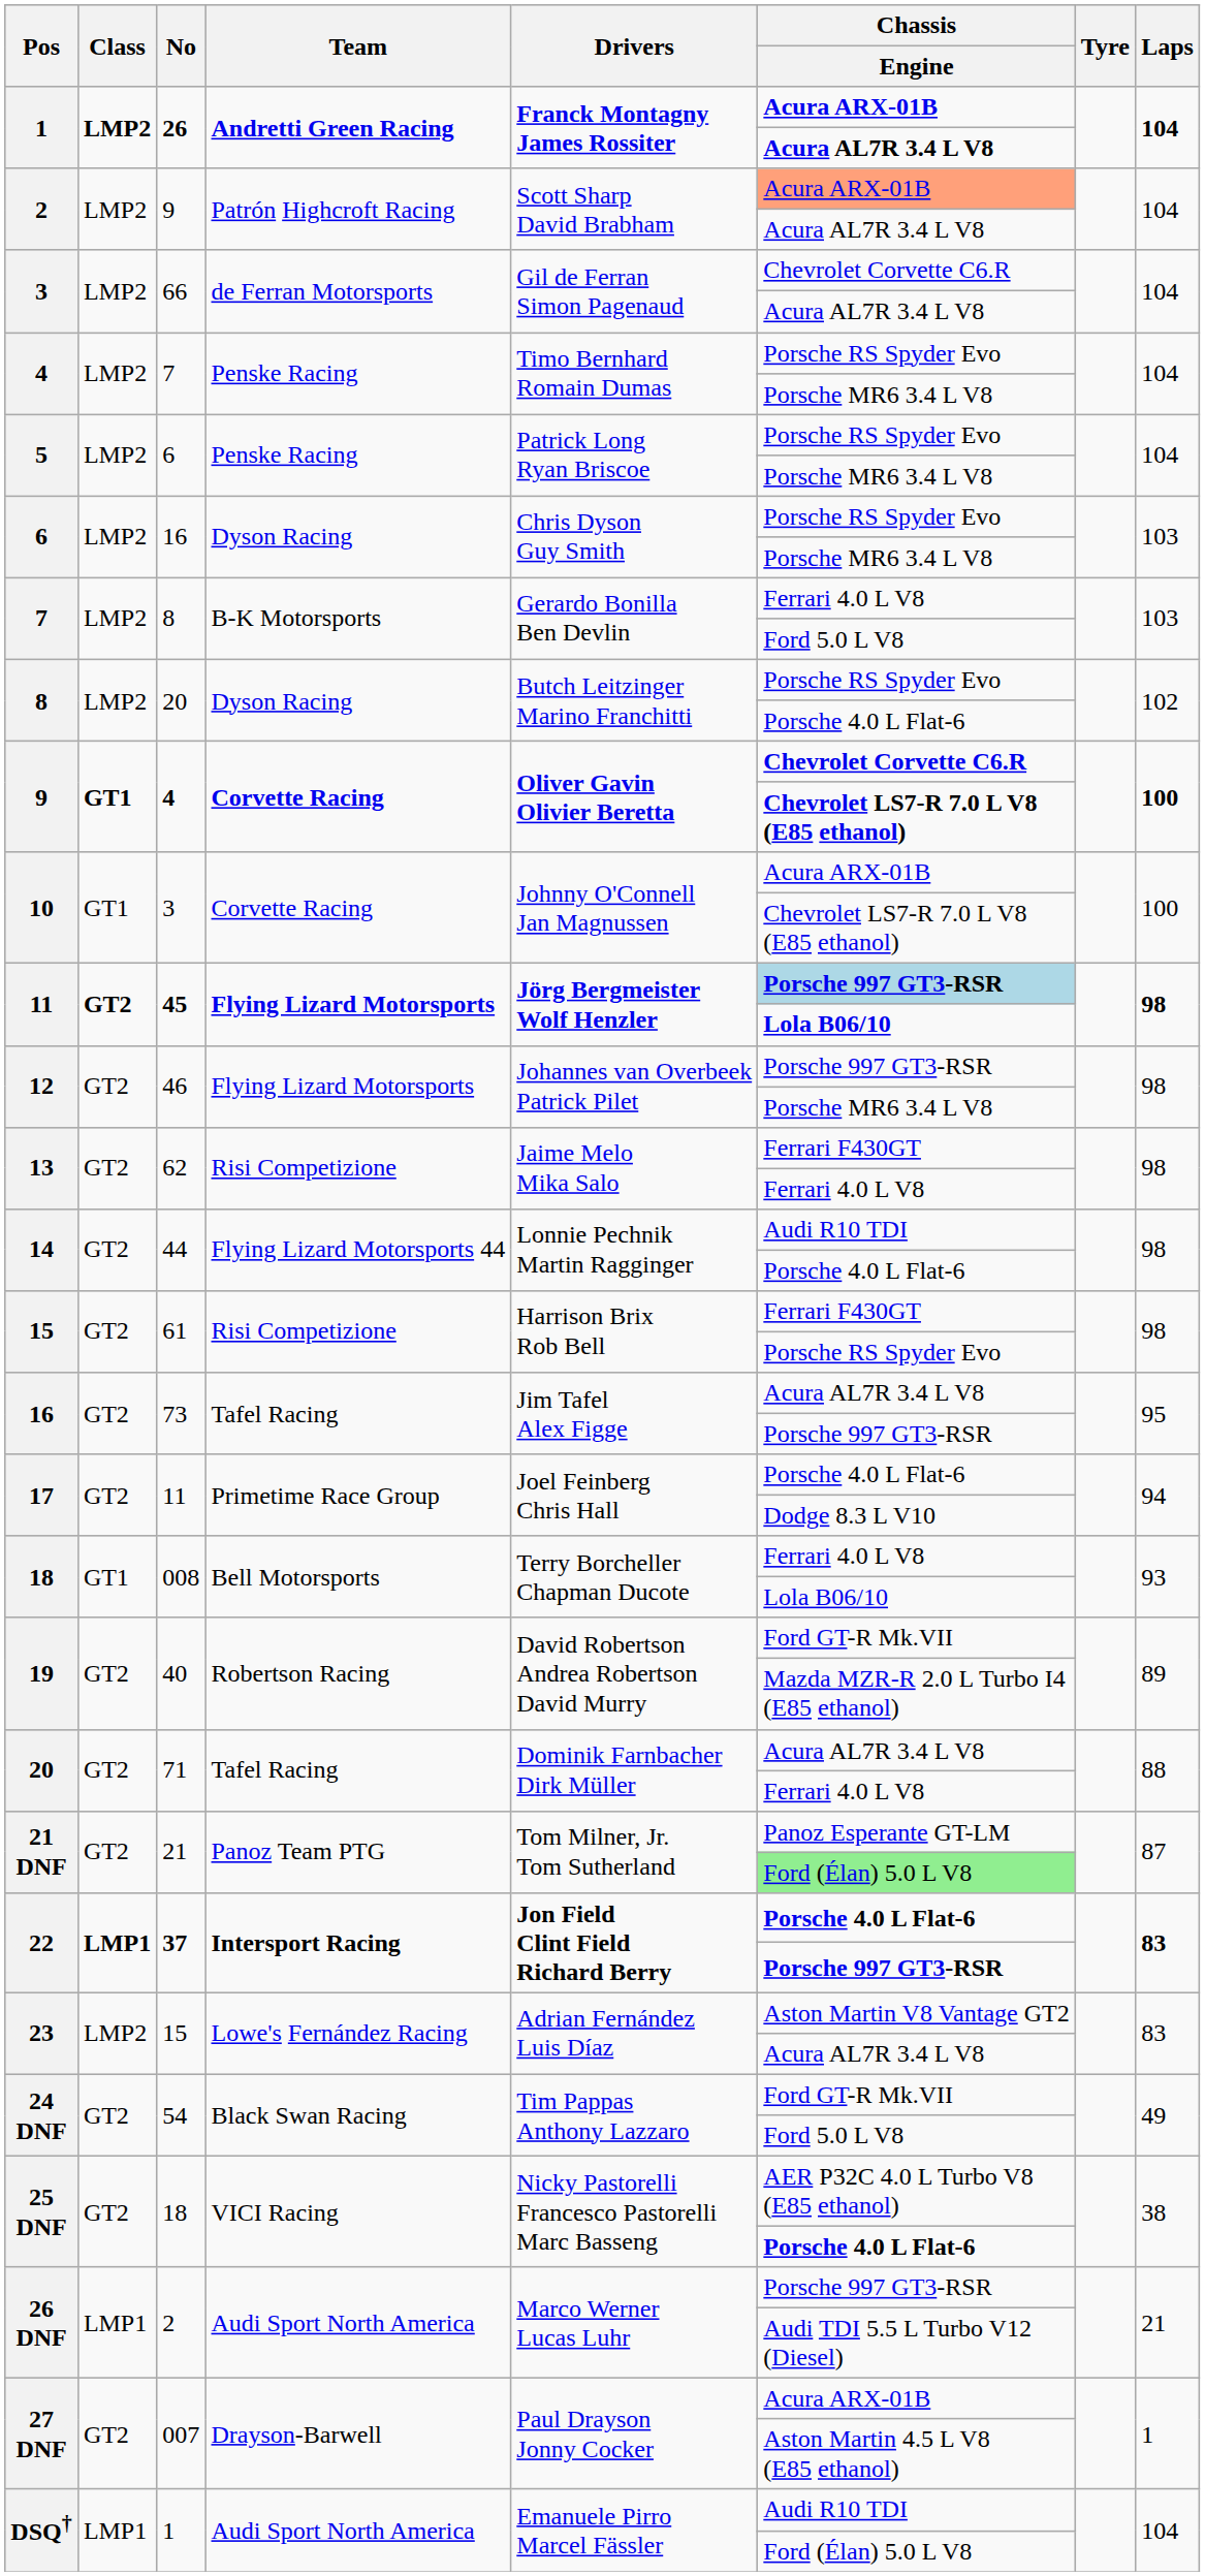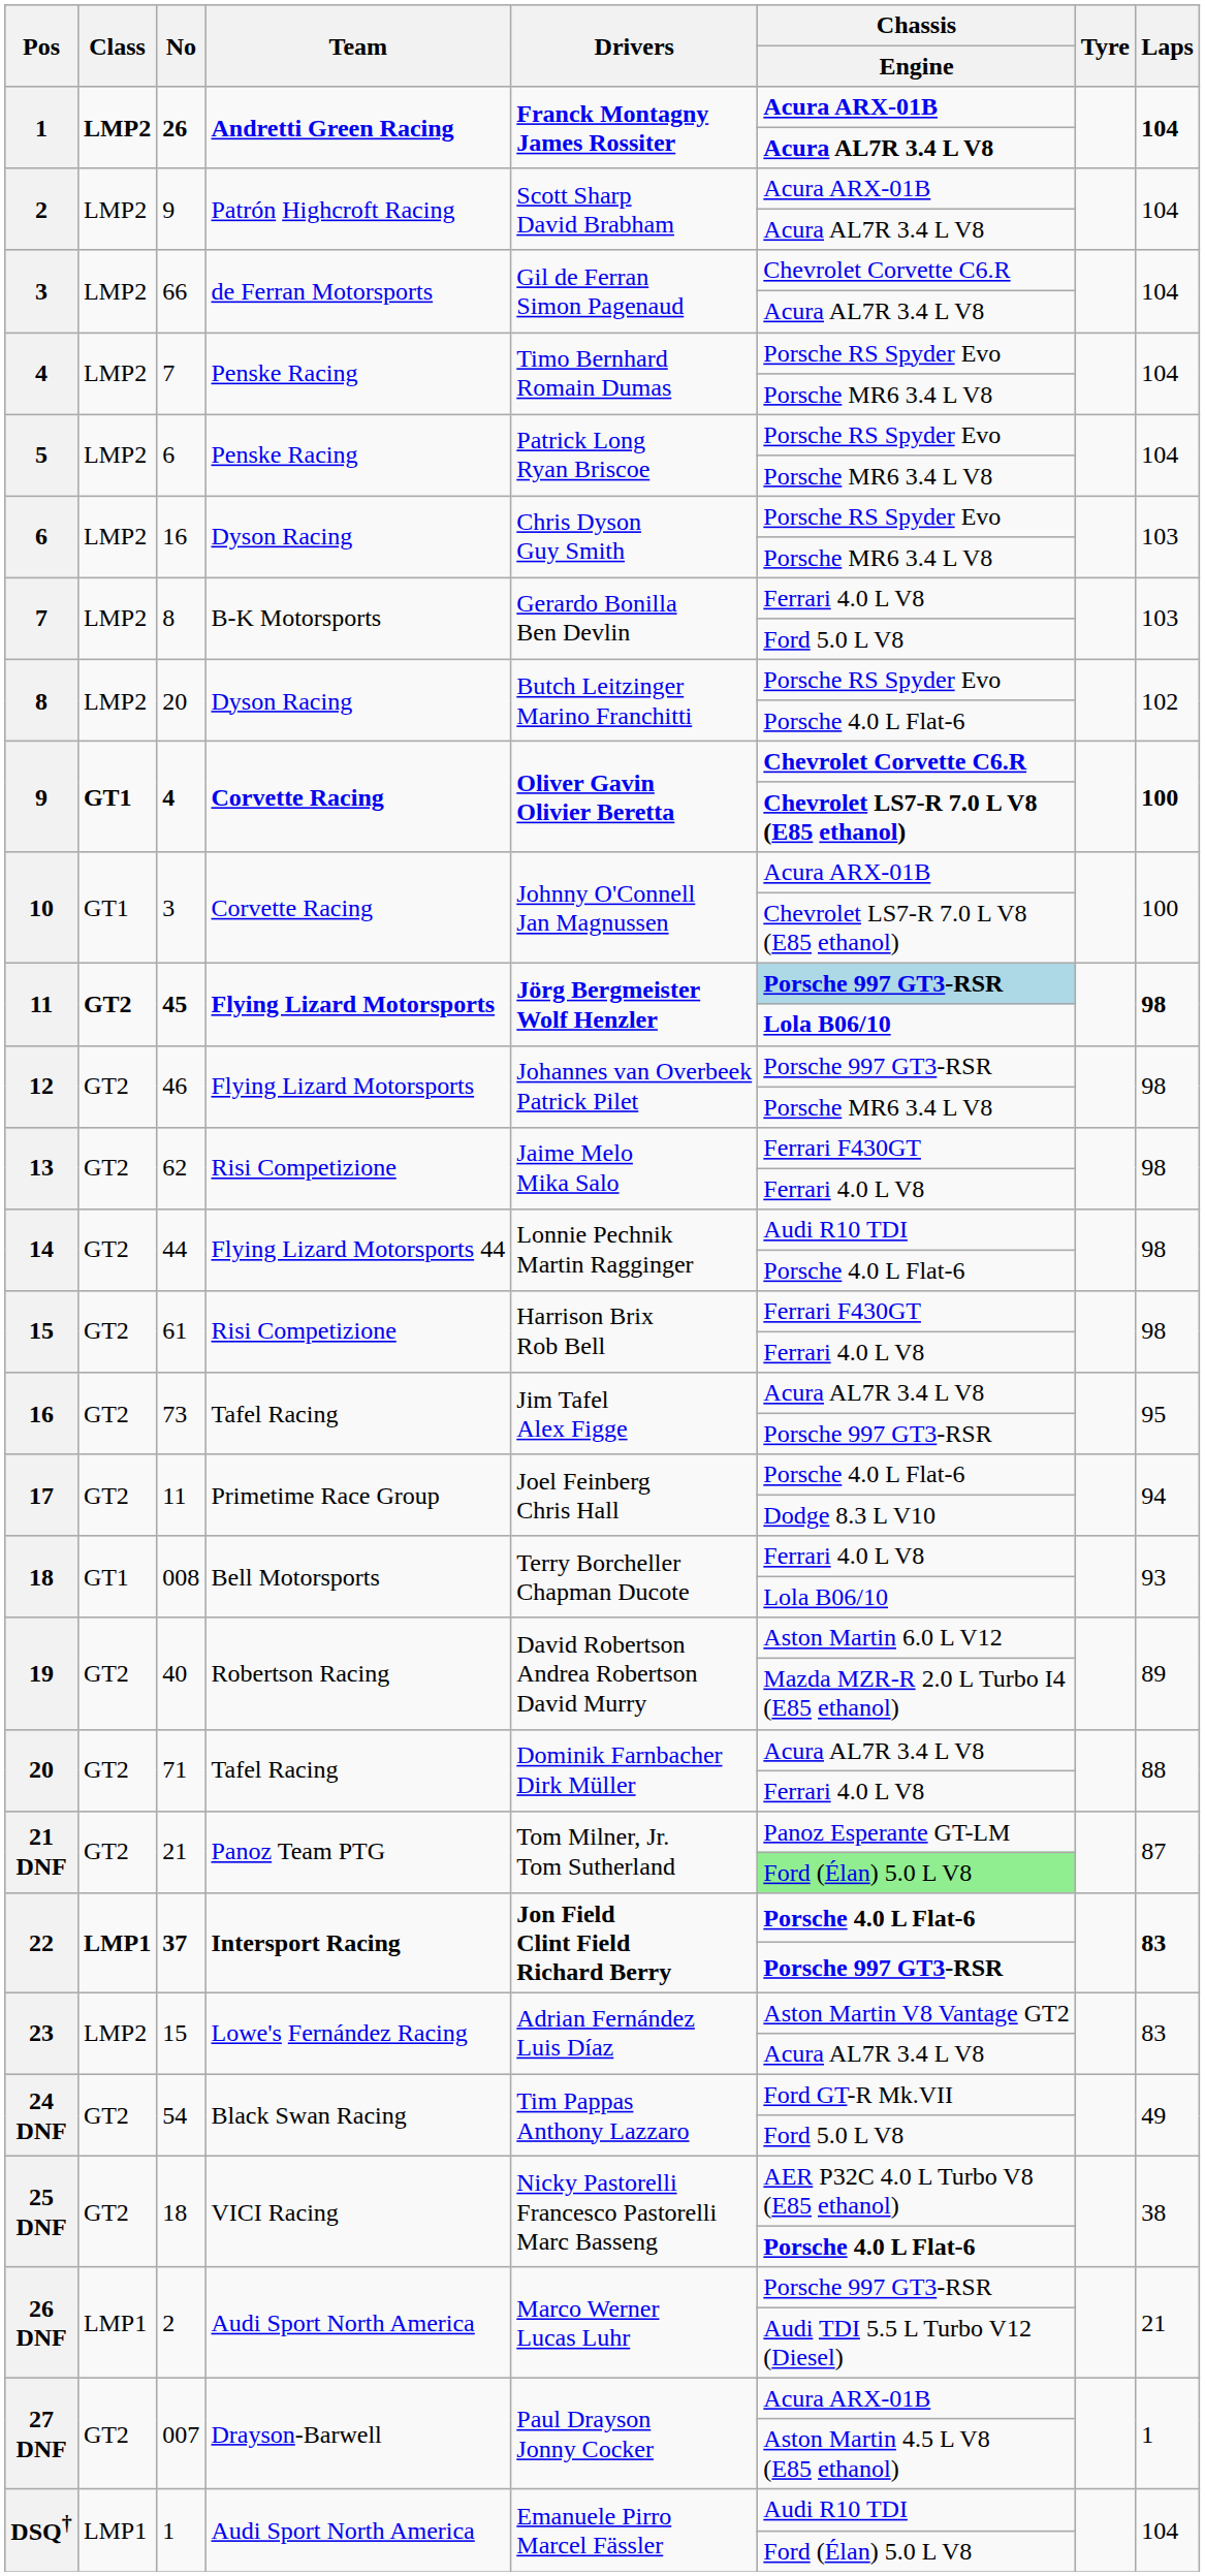 <table class="wikitable" style="font-size: 95%;">
 <tr>
 <th rowspan=2>Pos</th>
 <th rowspan=2>Class</th>
 <th rowspan=2>No</th>
 <th rowspan=2>Team</th>
 <th rowspan=2>Drivers</th>
 <th>Chassis</th>
 <th rowspan=2>Tyre</th>
 <th rowspan=2>Laps</th>
 </tr>
 <tr>
 <th>Engine</th>
 </tr>
 <tr style="font-weight:bold">
 <th rowspan=2>1</th>
 <td rowspan=2>LMP2</td>
 <td rowspan=2>26</td>
 <td rowspan=2> <a href='#'>Andretti Green Racing</a></td>
 <td rowspan=2> <a href='#'>Franck Montagny</a><br> <a href='#'>James Rossiter</a></td>
 <td><a href='#'>Acura ARX-01B</a></td>
 <td rowspan=2></td>
 <td rowspan=2>104</td>
 </tr>
 <tr style="font-weight:bold">
 <td><a href='#'>Acura</a> AL7R 3.4 L V8</td>
 </tr>
 <tr>
 <th rowspan=2>2</th>
 <td rowspan=2>LMP2</td>
 <td rowspan=2>9</td>
 <td rowspan=2> <a href='#'>Patrón</a> <a href='#'>Highcroft Racing</a></td>
 <td rowspan=2> <a href='#'>Scott Sharp</a><br> <a href='#'>David Brabham</a></td>
-<td style="background: lightsalmon;"><a href='#'>Acura ARX-01B</a></td>
+<td><a href='#'>Acura ARX-01B</a></td>
 <td rowspan=2></td>
 <td rowspan=2>104</td>
 </tr>
 <tr>
 <td><a href='#'>Acura</a> AL7R 3.4 L V8</td>
 </tr>
 <tr>
 <th rowspan=2>3</th>
 <td rowspan=2>LMP2</td>
 <td rowspan=2>66</td>
 <td rowspan=2> <a href='#'>de Ferran Motorsports</a></td>
 <td rowspan=2> <a href='#'>Gil de Ferran</a><br> <a href='#'>Simon Pagenaud</a></td>
 <td><a href='#'>Chevrolet Corvette C6.R</a></td>
 <td rowspan=2></td>
 <td rowspan=2>104</td>
 </tr>
 <tr>
 <td><a href='#'>Acura</a> AL7R 3.4 L V8</td>
 </tr>
 <tr>
 <th rowspan=2>4</th>
 <td rowspan=2>LMP2</td>
 <td rowspan=2>7</td>
 <td rowspan=2> <a href='#'>Penske Racing</a></td>
 <td rowspan=2> <a href='#'>Timo Bernhard</a><br> <a href='#'>Romain Dumas</a></td>
 <td><a href='#'>Porsche RS Spyder</a> Evo</td>
 <td rowspan=2></td>
 <td rowspan=2>104</td>
 </tr>
 <tr>
 <td><a href='#'>Porsche</a> MR6 3.4 L V8</td>
 </tr>
 <tr>
 <th rowspan=2>5</th>
 <td rowspan=2>LMP2</td>
 <td rowspan=2>6</td>
 <td rowspan=2> <a href='#'>Penske Racing</a></td>
 <td rowspan=2> <a href='#'>Patrick Long</a><br> <a href='#'>Ryan Briscoe</a></td>
 <td><a href='#'>Porsche RS Spyder</a> Evo</td>
 <td rowspan=2></td>
 <td rowspan=2>104</td>
 </tr>
 <tr>
 <td><a href='#'>Porsche</a> MR6 3.4 L V8</td>
 </tr>
 <tr>
 <th rowspan=2>6</th>
 <td rowspan=2>LMP2</td>
 <td rowspan=2>16</td>
 <td rowspan=2> <a href='#'>Dyson Racing</a></td>
 <td rowspan=2> <a href='#'>Chris Dyson</a><br> <a href='#'>Guy Smith</a></td>
 <td><a href='#'>Porsche RS Spyder</a> Evo</td>
 <td rowspan=2></td>
 <td rowspan=2>103</td>
 </tr>
 <tr>
 <td><a href='#'>Porsche</a> MR6 3.4 L V8</td>
 </tr>
 <tr>
 <th rowspan=2>7</th>
 <td rowspan=2>LMP2</td>
 <td rowspan=2>8</td>
 <td rowspan=2> B-K Motorsports</td>
 <td rowspan=2> <a href='#'>Gerardo Bonilla</a><br> Ben Devlin</td>
 <td><a href='#'>Ferrari</a> 4.0 L V8</td>
 <td rowspan=2></td>
 <td rowspan=2>103</td>
 </tr>
 <tr>
 <td><a href='#'>Ford</a> 5.0 L V8</td>
 </tr>
 <tr>
 <th rowspan=2>8</th>
 <td rowspan=2>LMP2</td>
 <td rowspan=2>20</td>
 <td rowspan=2> <a href='#'>Dyson Racing</a></td>
 <td rowspan=2> <a href='#'>Butch Leitzinger</a><br> <a href='#'>Marino Franchitti</a></td>
 <td><a href='#'>Porsche RS Spyder</a> Evo</td>
 <td rowspan=2></td>
 <td rowspan=2>102</td>
 </tr>
 <tr>
 <td><a href='#'>Porsche</a> 4.0 L Flat-6</td>
 </tr>
 <tr style="font-weight:bold">
 <th rowspan=2>9</th>
 <td rowspan=2>GT1</td>
 <td rowspan=2>4</td>
 <td rowspan=2> <a href='#'>Corvette Racing</a></td>
 <td rowspan=2> <a href='#'>Oliver Gavin</a><br> <a href='#'>Olivier Beretta</a></td>
 <td><a href='#'>Chevrolet Corvette C6.R</a></td>
 <td rowspan=2></td>
 <td rowspan=2>100</td>
 </tr>
 <tr style="font-weight:bold">
 <td><a href='#'>Chevrolet</a> LS7-R 7.0 L V8<br>(<a href='#'>E85</a> <a href='#'>ethanol</a>)</td>
 </tr>
 <tr>
 <th rowspan=2>10</th>
 <td rowspan=2>GT1</td>
 <td rowspan=2>3</td>
 <td rowspan=2> <a href='#'>Corvette Racing</a></td>
 <td rowspan=2> <a href='#'>Johnny O'Connell</a><br> <a href='#'>Jan Magnussen</a></td>
 <td><a href='#'>Acura ARX-01B</a></td>
 <td rowspan=2></td>
 <td rowspan=2>100</td>
 </tr>
 <tr>
 <td><a href='#'>Chevrolet</a> LS7-R 7.0 L V8<br>(<a href='#'>E85</a> <a href='#'>ethanol</a>)</td>
 </tr>
 <tr style="font-weight:bold">
 <th rowspan=2>11</th>
 <td rowspan=2>GT2</td>
 <td rowspan=2>45</td>
 <td rowspan=2> <a href='#'>Flying Lizard Motorsports</a></td>
 <td rowspan=2> <a href='#'>Jörg Bergmeister</a><br> <a href='#'>Wolf Henzler</a></td>
 <td style="background: lightblue;"><a href='#'>Porsche 997 GT3</a>-RSR</td>
 <td rowspan=2></td>
 <td rowspan=2>98</td>
 </tr>
 <tr style="font-weight:bold">
 <td><a href='#'>Lola B06/10</a></td>
 </tr>
 <tr>
 <th rowspan=2>12</th>
 <td rowspan=2>GT2</td>
 <td rowspan=2>46</td>
 <td rowspan=2> <a href='#'>Flying Lizard Motorsports</a></td>
 <td rowspan=2> <a href='#'>Johannes van Overbeek</a><br> <a href='#'>Patrick Pilet</a></td>
 <td><a href='#'>Porsche 997 GT3</a>-RSR</td>
 <td rowspan=2></td>
 <td rowspan=2>98</td>
 </tr>
 <tr>
 <td><a href='#'>Porsche</a> MR6 3.4 L V8</td>
 </tr>
 <tr>
 <th rowspan=2>13</th>
 <td rowspan=2>GT2</td>
 <td rowspan=2>62</td>
 <td rowspan=2> <a href='#'>Risi Competizione</a></td>
 <td rowspan=2> <a href='#'>Jaime Melo</a><br> <a href='#'>Mika Salo</a></td>
 <td><a href='#'>Ferrari F430GT</a></td>
 <td rowspan=2></td>
 <td rowspan=2>98</td>
 </tr>
 <tr>
 <td><a href='#'>Ferrari</a> 4.0 L V8</td>
 </tr>
 <tr>
 <th rowspan=2>14</th>
 <td rowspan=2>GT2</td>
 <td rowspan=2>44</td>
 <td rowspan=2> <a href='#'>Flying Lizard Motorsports</a> 44</td>
 <td rowspan=2> Lonnie Pechnik<br> Martin Ragginger</td>
 <td><a href='#'>Audi R10 TDI</a></td>
 <td rowspan=2></td>
 <td rowspan=2>98</td>
 </tr>
 <tr>
 <td><a href='#'>Porsche</a> 4.0 L Flat-6</td>
 </tr>
 <tr>
 <th rowspan=2>15</th>
 <td rowspan=2>GT2</td>
 <td rowspan=2>61</td>
 <td rowspan=2> <a href='#'>Risi Competizione</a></td>
 <td rowspan=2> Harrison Brix<br> Rob Bell</td>
 <td><a href='#'>Ferrari F430GT</a></td>
 <td rowspan=2></td>
 <td rowspan=2>98</td>
 </tr>
 <tr>
-<td><a href='#'>Porsche RS Spyder</a> Evo</td>
+<td><a href='#'>Ferrari</a> 4.0 L V8</td>
 </tr>
 <tr>
 <th rowspan=2>16</th>
 <td rowspan=2>GT2</td>
 <td rowspan=2>73</td>
 <td rowspan=2> Tafel Racing</td>
 <td rowspan=2> Jim Tafel<br> <a href='#'>Alex Figge</a></td>
 <td><a href='#'>Acura</a> AL7R 3.4 L V8</td>
 <td rowspan=2></td>
 <td rowspan=2>95</td>
 </tr>
 <tr>
 <td><a href='#'>Porsche 997 GT3</a>-RSR</td>
 </tr>
 <tr>
 <th rowspan=2>17</th>
 <td rowspan=2>GT2</td>
 <td rowspan=2>11</td>
 <td rowspan=2> Primetime Race Group</td>
 <td rowspan=2> Joel Feinberg<br> Chris Hall</td>
 <td><a href='#'>Porsche</a> 4.0 L Flat-6</td>
 <td rowspan=2></td>
 <td rowspan=2>94</td>
 </tr>
 <tr>
 <td><a href='#'>Dodge</a> 8.3 L V10</td>
 </tr>
 <tr>
 <th rowspan=2>18</th>
 <td rowspan=2>GT1</td>
 <td rowspan=2>008</td>
 <td rowspan=2> Bell Motorsports</td>
 <td rowspan=2> Terry Borcheller<br> Chapman Ducote</td>
 <td><a href='#'>Ferrari</a> 4.0 L V8</td>
 <td rowspan=2></td>
 <td rowspan=2>93</td>
 </tr>
 <tr>
 <td><a href='#'>Lola B06/10</a></td>
 </tr>
 <tr>
 <th rowspan=2>19</th>
 <td rowspan=2>GT2</td>
 <td rowspan=2>40</td>
 <td rowspan=2> Robertson Racing</td>
 <td rowspan=2> David Robertson<br> Andrea Robertson<br> David Murry</td>
-<td><a href='#'>Ford GT</a>-R Mk.VII</td>
+<td><a href='#'>Aston Martin</a> 6.0 L V12</td>
 <td rowspan=2></td>
 <td rowspan=2>89</td>
 </tr>
 <tr>
 <td><a href='#'>Mazda MZR-R</a> 2.0 L Turbo I4<br>(<a href='#'>E85</a> <a href='#'>ethanol</a>)</td>
 </tr>
 <tr>
 <th rowspan=2>20</th>
 <td rowspan=2>GT2</td>
 <td rowspan=2>71</td>
 <td rowspan=2> Tafel Racing</td>
 <td rowspan=2> <a href='#'>Dominik Farnbacher</a><br> <a href='#'>Dirk Müller</a></td>
 <td><a href='#'>Acura</a> AL7R 3.4 L V8</td>
 <td rowspan=2></td>
 <td rowspan=2>88</td>
 </tr>
 <tr>
 <td><a href='#'>Ferrari</a> 4.0 L V8</td>
 </tr>
 <tr>
 <th rowspan=2>21<br>DNF</th>
 <td rowspan=2>GT2</td>
 <td rowspan=2>21</td>
 <td rowspan=2> <a href='#'>Panoz</a> Team PTG</td>
 <td rowspan=2> Tom Milner, Jr.<br> Tom Sutherland</td>
 <td><a href='#'>Panoz Esperante</a> GT-LM</td>
 <td rowspan=2></td>
 <td rowspan=2>87</td>
 </tr>
 <tr>
 <td style="background: lightgreen;"><a href='#'>Ford</a> (<a href='#'>Élan</a>) 5.0 L V8</td>
 </tr>
 <tr style="font-weight:bold">
 <th rowspan=2>22</th>
 <td rowspan=2>LMP1</td>
 <td rowspan=2>37</td>
 <td rowspan=2> Intersport Racing</td>
 <td rowspan=2> Jon Field<br> Clint Field<br> Richard Berry</td>
 <td><a href='#'>Porsche</a> 4.0 L Flat-6</td>
 <td rowspan=2></td>
 <td rowspan=2>83</td>
 </tr>
 <tr style="font-weight:bold">
 <td><a href='#'>Porsche 997 GT3</a>-RSR</td>
 </tr>
 <tr>
 <th rowspan=2>23</th>
 <td rowspan=2>LMP2</td>
 <td rowspan=2>15</td>
 <td rowspan=2> <a href='#'>Lowe's</a> <a href='#'>Fernández Racing</a></td>
 <td rowspan=2> <a href='#'>Adrian Fernández</a><br> <a href='#'>Luis Díaz</a></td>
 <td><a href='#'>Aston Martin V8 Vantage</a> GT2</td>
 <td rowspan=2></td>
 <td rowspan=2>83</td>
 </tr>
 <tr>
 <td><a href='#'>Acura</a> AL7R 3.4 L V8</td>
 </tr>
 <tr>
 <th rowspan=2>24<br>DNF</th>
 <td rowspan=2>GT2</td>
 <td rowspan=2>54</td>
 <td rowspan=2> Black Swan Racing</td>
 <td rowspan=2> <a href='#'>Tim Pappas</a><br> <a href='#'>Anthony Lazzaro</a></td>
 <td><a href='#'>Ford GT</a>-R Mk.VII</td>
 <td rowspan=2></td>
 <td rowspan=2>49</td>
 </tr>
 <tr>
 <td><a href='#'>Ford</a> 5.0 L V8</td>
 </tr>
 <tr>
 <th rowspan=2>25<br>DNF</th>
 <td rowspan=2>GT2</td>
 <td rowspan=2>18</td>
 <td rowspan=2> VICI Racing</td>
 <td rowspan=2> <a href='#'>Nicky Pastorelli</a><br> Francesco Pastorelli<br> Marc Basseng</td>
 <td><a href='#'>AER</a> P32C 4.0 L Turbo V8<br>(<a href='#'>E85</a> <a href='#'>ethanol</a>)</td>
 <td rowspan=2></td>
 <td rowspan=2>38</td>
 </tr>
 <tr>
 <td><strong><a href='#'>Porsche</a> 4.0 L Flat-6</strong></td>
 </tr>
 <tr>
 <th rowspan=2>26<br>DNF</th>
 <td rowspan=2>LMP1</td>
 <td rowspan=2>2</td>
 <td rowspan=2> <a href='#'>Audi Sport North America</a></td>
 <td rowspan=2> <a href='#'>Marco Werner</a><br> <a href='#'>Lucas Luhr</a></td>
 <td><a href='#'>Porsche 997 GT3</a>-RSR</td>
 <td rowspan=2></td>
 <td rowspan=2>21</td>
 </tr>
 <tr>
 <td><a href='#'>Audi</a> <a href='#'>TDI</a> 5.5 L Turbo V12<br>(<a href='#'>Diesel</a>)</td>
 </tr>
 <tr>
 <th rowspan=2>27<br>DNF</th>
 <td rowspan=2>GT2</td>
 <td rowspan=2>007</td>
 <td rowspan=2> <a href='#'>Drayson</a>-Barwell</td>
 <td rowspan=2> <a href='#'>Paul Drayson</a><br> <a href='#'>Jonny Cocker</a></td>
 <td><a href='#'>Acura ARX-01B</a></td>
 <td rowspan=2></td>
 <td rowspan=2>1</td>
 </tr>
 <tr>
 <td><a href='#'>Aston Martin</a> 4.5 L V8<br>(<a href='#'>E85</a> <a href='#'>ethanol</a>)</td>
 </tr>
 <tr>
 <th rowspan=2>DSQ<sup>†</sup></th>
 <td rowspan=2>LMP1</td>
 <td rowspan=2>1</td>
 <td rowspan=2> <a href='#'>Audi Sport North America</a></td>
 <td rowspan=2> <a href='#'>Emanuele Pirro</a><br> <a href='#'>Marcel Fässler</a></td>
 <td><a href='#'>Audi R10 TDI</a></td>
 <td rowspan=2></td>
 <td rowspan=2>104</td>
 </tr>
 <tr>
 <td><a href='#'>Ford</a> (<a href='#'>Élan</a>) 5.0 L V8</td>
 </tr>
 </table>
